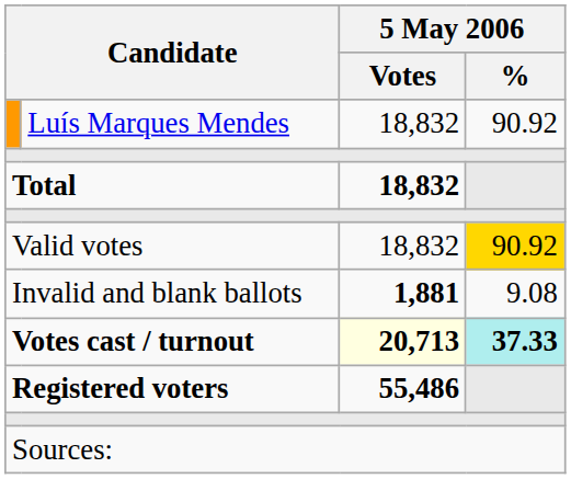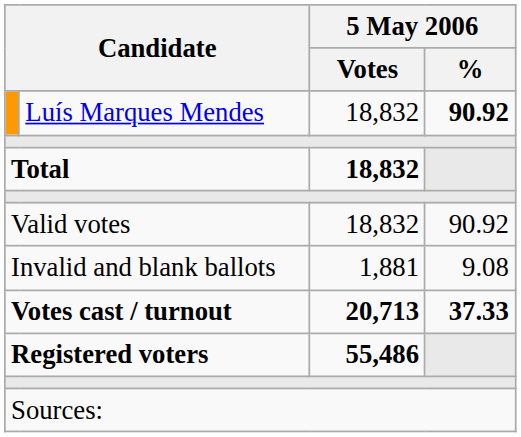 <table class="wikitable" style="text-align:right; font-size:97%;">
 <tr>
 <th rowspan="2" colspan="2" width="170">Candidate</th>
 <th colspan="2">5 May 2006</th>
 </tr>
 <tr>
 <th width="60">Votes</th>
 <th width="45">%</th>
 </tr>
 <tr>
 <td style="color:inherit;background:#FF9900"></td>
 <td align="left"><a href='#'>Luís Marques Mendes</a></td>
 <td>18,832</td>
-<td>90.92</td>
+<td><strong>90.92</strong></td>
 </tr>
 <tr>
 <td colspan="4" bgcolor="#E9E9E9"></td>
 </tr>
 <tr style="font-weight:bold;">
 <td align="left" colspan="2">Total</td>
 <td>18,832</td>
 <td bgcolor="#E9E9E9"></td>
 </tr>
 <tr>
 <td colspan="4" bgcolor="#E9E9E9"></td>
 </tr>
 <tr>
 <td align="left" colspan="2">Valid votes</td>
 <td>18,832</td>
-<td style="background: gold;">90.92</td>
+<td>90.92</td>
 </tr>
 <tr>
 <td align="left" colspan="2">Invalid and blank ballots</td>
-<td><strong>1,881</strong></td>
+<td>1,881</td>
 <td>9.08</td>
 </tr>
 <tr style="font-weight:bold;">
 <td align="left" colspan="2">Votes cast / turnout</td>
-<td style="background: lightyellow;">20,713</td>
-<td style="background: paleturquoise;">37.33</td>
+<td>20,713</td>
+<td>37.33</td>
 </tr>
 <tr style="font-weight:bold;">
 <td align="left" colspan="2">Registered voters</td>
 <td>55,486</td>
 <td bgcolor="#E9E9E9"></td>
 </tr>
 <tr>
 <td colspan="4" bgcolor="#E9E9E9"></td>
 </tr>
 <tr>
 <td align="left" colspan="6">Sources: </td>
 </tr>
 </table>
